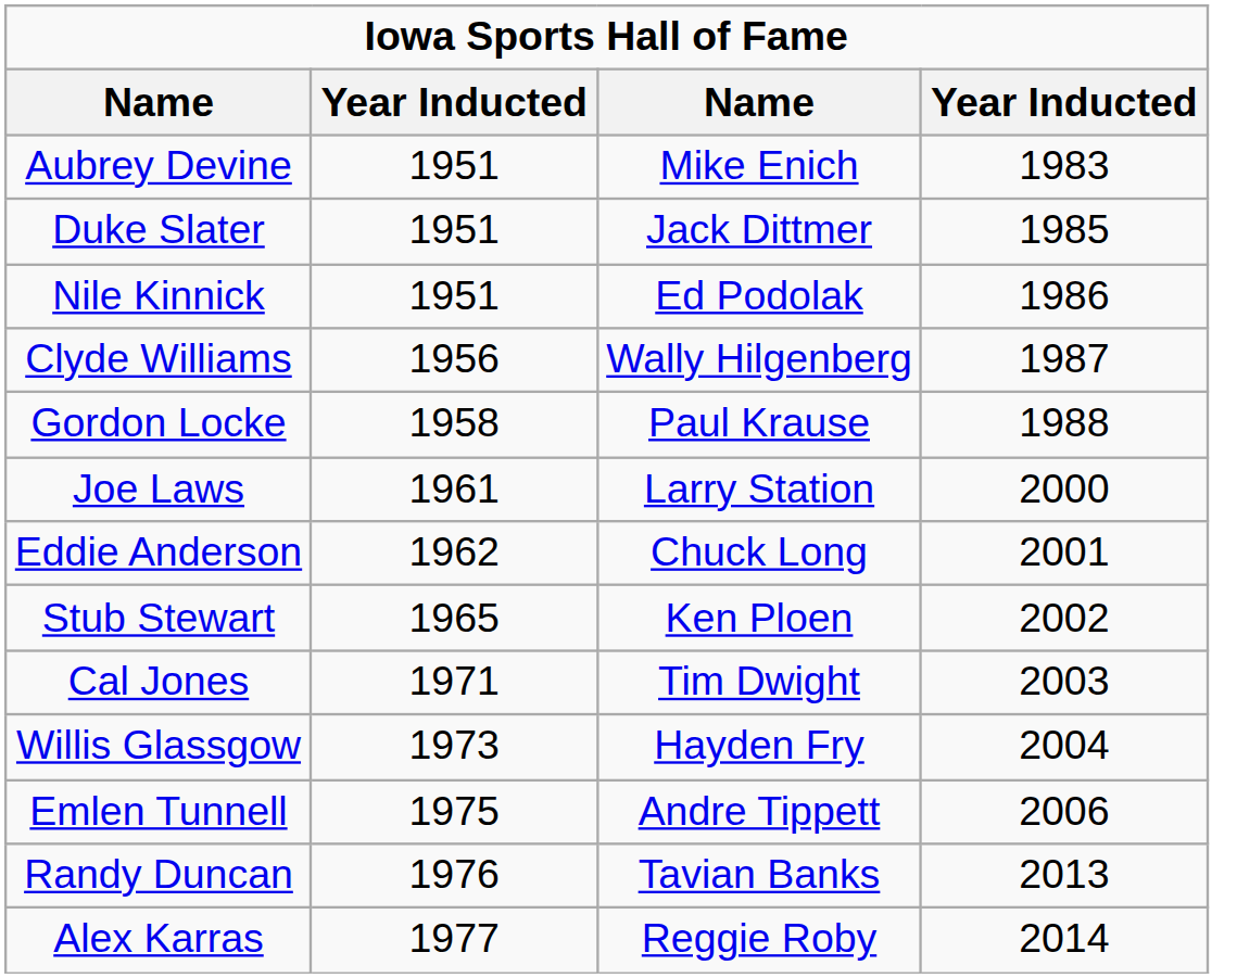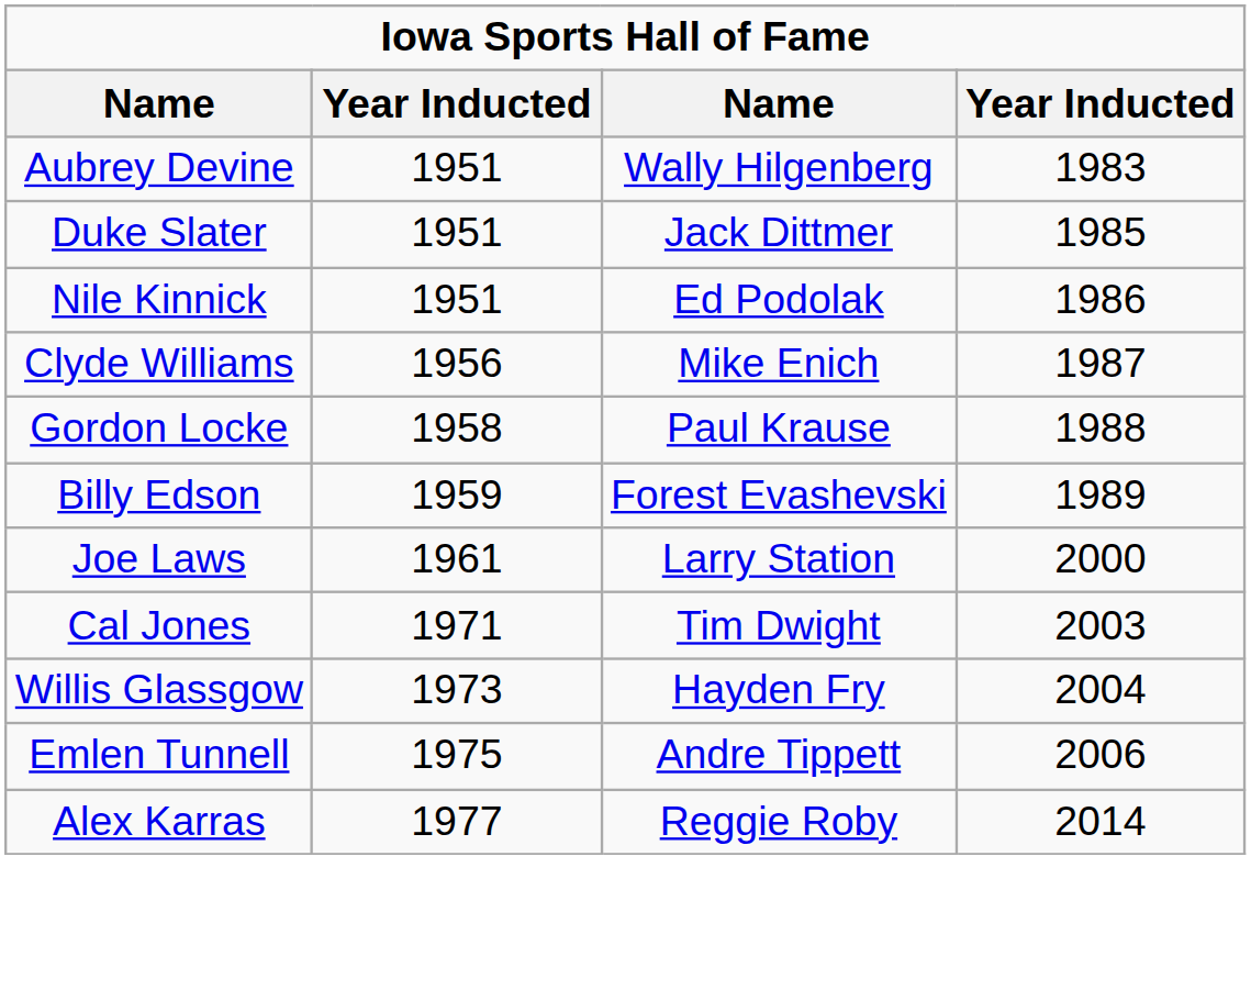 <table class="wikitable sortable" style="text-align:center">
 <tr>
 <td colspan="4"><strong>Iowa Sports Hall of Fame</strong></td>
 </tr>
 <tr>
 <th>Name</th>
 <th>Year Inducted</th>
 <th>Name</th>
 <th>Year Inducted</th>
 </tr>
 <tr>
 <td><a href='#'>Aubrey Devine</a></td>
 <td>1951</td>
-<td><a href='#'>Mike Enich</a></td>
+<td><a href='#'>Wally Hilgenberg</a></td>
 <td>1983</td>
 </tr>
 <tr>
 <td><a href='#'>Duke Slater</a></td>
 <td>1951</td>
 <td><a href='#'>Jack Dittmer</a></td>
 <td>1985</td>
 </tr>
 <tr>
 <td><a href='#'>Nile Kinnick</a></td>
 <td>1951</td>
 <td><a href='#'>Ed Podolak</a></td>
 <td>1986</td>
 </tr>
 <tr>
 <td><a href='#'>Clyde Williams</a></td>
 <td>1956</td>
-<td><a href='#'>Wally Hilgenberg</a></td>
+<td><a href='#'>Mike Enich</a></td>
 <td>1987</td>
 </tr>
 <tr>
 <td><a href='#'>Gordon Locke</a></td>
 <td>1958</td>
 <td><a href='#'>Paul Krause</a></td>
 <td>1988</td>
 </tr>
 <tr>
+<td><a href='#'>Billy Edson</a></td>
+<td>1959</td>
+<td><a href='#'>Forest Evashevski</a></td>
+<td>1989</td>
+</tr>
+<tr>
 <td><a href='#'>Joe Laws</a></td>
 <td>1961</td>
 <td><a href='#'>Larry Station</a></td>
 <td>2000</td>
-</tr>
-<tr>
-<td><a href='#'>Eddie Anderson</a></td>
-<td>1962</td>
-<td><a href='#'>Chuck Long</a></td>
-<td>2001</td>
-</tr>
-<tr>
-<td><a href='#'>Stub Stewart</a></td>
-<td>1965</td>
-<td><a href='#'>Ken Ploen</a></td>
-<td>2002</td>
 </tr>
 <tr>
 <td><a href='#'>Cal Jones</a></td>
 <td>1971</td>
 <td><a href='#'>Tim Dwight</a></td>
 <td>2003</td>
 </tr>
 <tr>
 <td><a href='#'>Willis Glassgow</a></td>
 <td>1973</td>
 <td><a href='#'>Hayden Fry</a></td>
 <td>2004</td>
 </tr>
 <tr>
 <td><a href='#'>Emlen Tunnell</a></td>
 <td>1975</td>
 <td><a href='#'>Andre Tippett</a></td>
 <td>2006</td>
 </tr>
 <tr>
-<td><a href='#'>Randy Duncan</a></td>
-<td>1976</td>
-<td><a href='#'>Tavian Banks</a></td>
-<td>2013</td>
-</tr>
-<tr>
 <td><a href='#'>Alex Karras</a></td>
 <td>1977</td>
 <td><a href='#'>Reggie Roby</a></td>
 <td>2014</td>
 </tr>
 </table>
